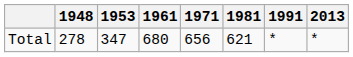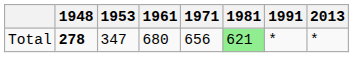 <table class="wikitable">
 <tr>
 <th></th>
 <th>1948</th>
 <th>1953</th>
 <th>1961</th>
 <th>1971</th>
 <th>1981</th>
 <th>1991</th>
 <th>2013</th>
 </tr>
 <tr>
 <td>Total</td>
-<td>278</td>
+<td><strong>278</strong></td>
 <td>347</td>
 <td>680</td>
 <td>656</td>
-<td>621</td>
+<td style="background: lightgreen;">621</td>
 <td>*</td>
 <td>*</td>
 </tr>
 </table>
